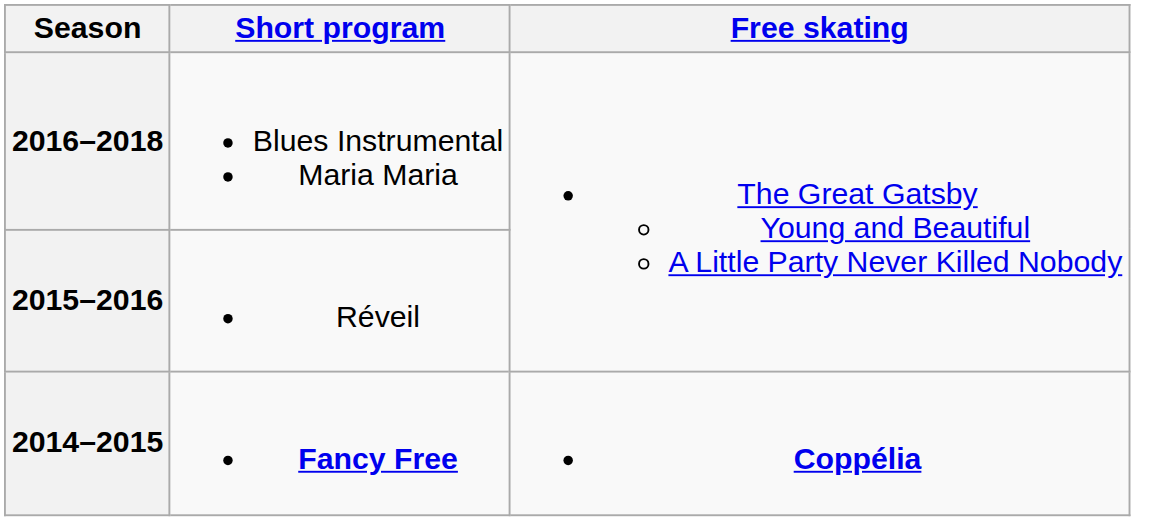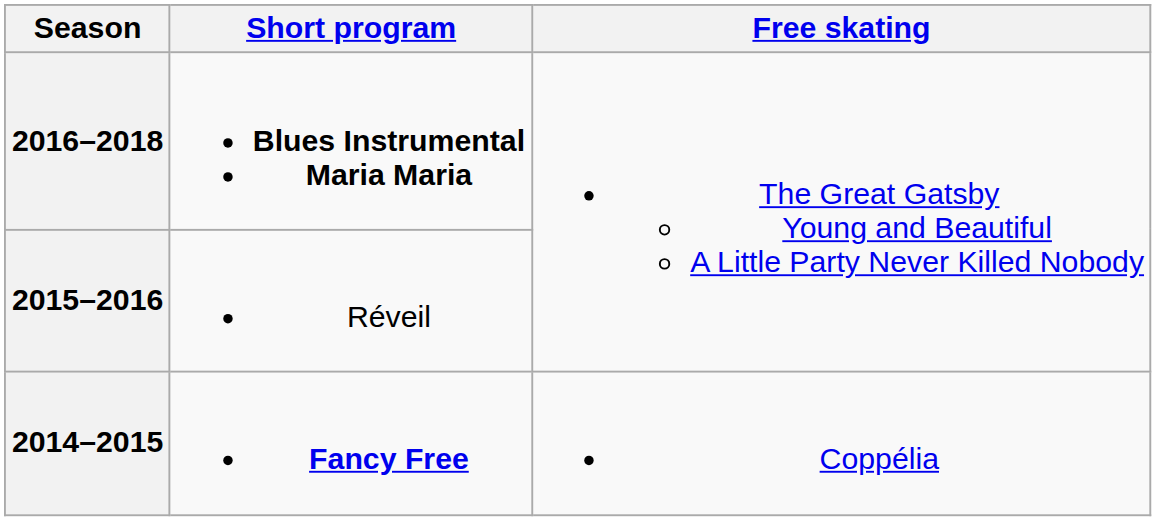 <table class=wikitable style=text-align:center>
 <tr>
 <th>Season</th>
 <th><a href='#'>Short program</a></th>
 <th><a href='#'>Free skating</a></th>
 </tr>
 <tr>
 <th>2016–2018 <br> </th>
-<td><br><ul><li>Blues Instrumental <br></li><li>Maria Maria <br></li></ul></td>
+<td><strong><br><ul><li>Blues Instrumental <br></li><li>Maria Maria <br></li></ul></strong></td>
 <td rowspan=2><br><ul><li><a href='#'>The Great Gatsby</a><ul><li><a href='#'>Young and Beautiful</a> <br></li><li><a href='#'>A Little Party Never Killed Nobody</a> <br></li></ul></li></ul></td>
 </tr>
 <tr>
 <th>2015–2016 <br> </th>
 <td><br><ul><li>Réveil <br></li></ul></td>
 </tr>
 <tr>
 <th>2014–2015 <br> </th>
 <td><strong><br><ul><li><a href='#'>Fancy Free</a></li></ul></strong></td>
-<td><strong><br><ul><li><a href='#'>Coppélia</a> <br></li></ul></strong></td>
+<td><br><ul><li><a href='#'>Coppélia</a> <br></li></ul></td>
 </tr>
 </table>
